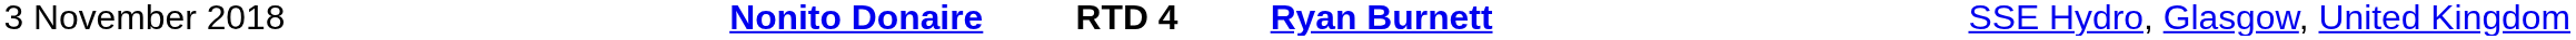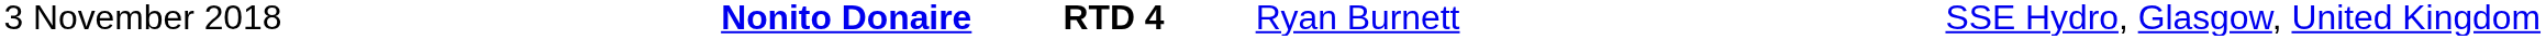 <table cellspacing="1" style="width:100%;">
 <tr>
 <th width="15%"></th>
 <th width="25%"></th>
 <th width="10%"></th>
 <th width="25%"></th>
 </tr>
 <tr style="font-size:100%">
 <td align="right">3 November 2018</td>
 <td align="right"><strong><a href='#'>Nonito Donaire</a></strong> </td>
 <td align="center"><strong>RTD 4</strong></td>
-<td><strong><a href='#'>Ryan Burnett</a></strong></td>
+<td><a href='#'>Ryan Burnett</a></td>
 <td><a href='#'>SSE Hydro</a>, <a href='#'>Glasgow</a>, <a href='#'>United Kingdom</a></td>
 </tr>
 </table>
